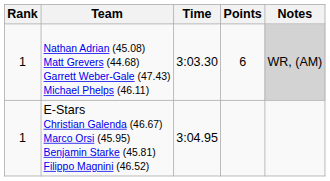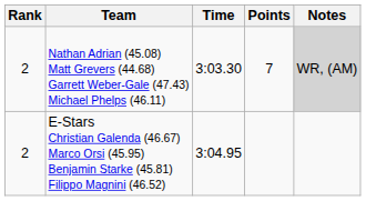 <table class="wikitable" style="text-align:center">
 <tr>
 <th>Rank</th>
 <th>Team</th>
 <th>Time</th>
 <th>Points</th>
 <th>Notes</th>
 </tr>
 <tr>
-<td>1</td>
+<td>2</td>
 <td align="left"> <br><small><a href='#'>Nathan Adrian</a> (45.08)<br><a href='#'>Matt Grevers</a> (44.68)<br><a href='#'>Garrett Weber-Gale</a> (47.43)<br><a href='#'>Michael Phelps</a> (46.11)</small></td>
 <td>3:03.30</td>
-<td>6</td>
+<td>7</td>
 <td style="background: lightgrey;">WR, (AM)</td>
 </tr>
 <tr>
-<td>1</td>
+<td>2</td>
 <td align="left">E-Stars <br><small><a href='#'>Christian Galenda</a> (46.67)<br><a href='#'>Marco Orsi</a> (45.95)<br><a href='#'>Benjamin Starke</a> (45.81)<br><a href='#'>Filippo Magnini</a> (46.52)</small></td>
 <td>3:04.95</td>
 <td></td>
 <td></td>
 </tr>
 </table>
